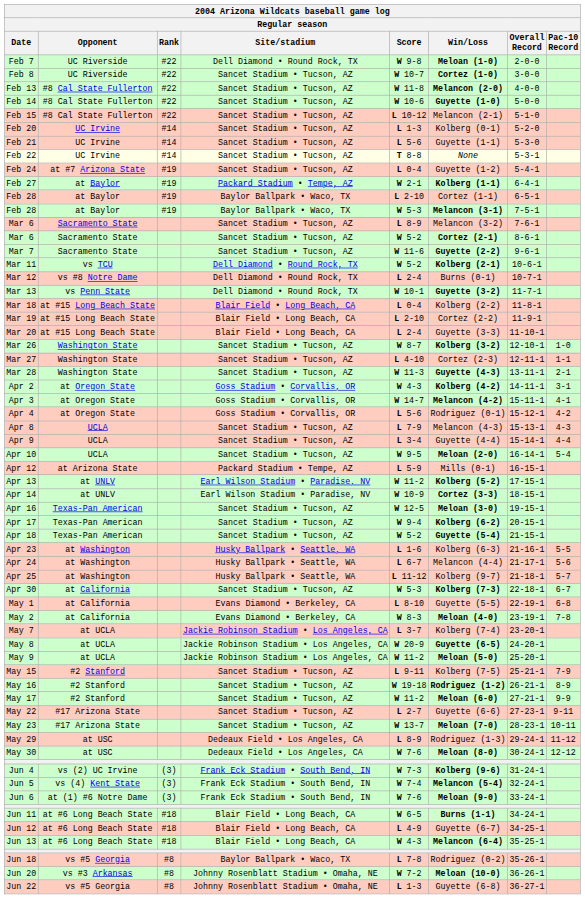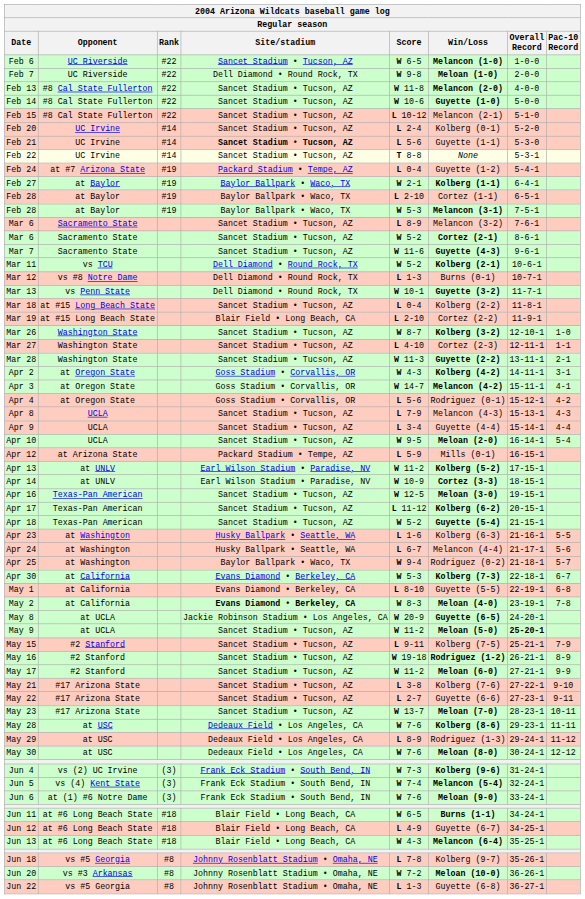 <table class="wikitable">
 <tr>
 <th colspan="8">2004 Arizona Wildcats baseball game log</th>
 </tr>
 <tr>
 <th colspan="8">Regular season</th>
 </tr>
 <tr>
 <th>Date</th>
 <th>Opponent</th>
 <th>Rank</th>
 <th>Site/stadium</th>
 <th>Score</th>
 <th>Win/Loss</th>
 <th>Overall<br>Record</th>
 <th>Pac-10<br>Record</th>
 </tr>
 <tr bgcolor="ccffcc" align="center">
+<td>Feb 6</td>
+<td><a href='#'>UC Riverside</a></td>
+<td>#22</td>
+<td><a href='#'>Sancet Stadium</a> • <a href='#'>Tucson, AZ</a></td>
+<td><strong>W</strong> 6-5</td>
+<td><strong>Melancon (1-0)</strong></td>
+<td>1-0-0</td>
+<td></td>
+</tr>
+<tr bgcolor="ccffcc" align="center">
 <td>Feb 7</td>
 <td>UC Riverside</td>
 <td>#22</td>
 <td>Dell Diamond • Round Rock, TX</td>
 <td><strong>W</strong> 9-8</td>
 <td><strong>Meloan (1-0)</strong></td>
 <td>2-0-0</td>
-<td></td>
-</tr>
-<tr bgcolor="ccffcc" align="center">
-<td>Feb 8</td>
-<td>UC Riverside</td>
-<td>#22</td>
-<td>Sancet Stadium • Tucson, AZ</td>
-<td><strong>W</strong> 10-7</td>
-<td><strong>Cortez (1-0)</strong></td>
-<td>3-0-0</td>
 <td></td>
 </tr>
 <tr bgcolor="ccffcc" align="center">
 <td>Feb 13</td>
 <td>#8 <a href='#'>Cal State Fullerton</a></td>
 <td>#22</td>
 <td>Sancet Stadium • Tucson, AZ</td>
 <td><strong>W</strong> 11-8</td>
 <td><strong>Melancon (2-0)</strong></td>
 <td>4-0-0</td>
 <td></td>
 </tr>
 <tr bgcolor="ccffcc" align="center">
 <td>Feb 14</td>
 <td>#8 Cal State Fullerton</td>
 <td>#22</td>
 <td>Sancet Stadium • Tucson, AZ</td>
 <td><strong>W</strong> 10-6</td>
 <td><strong>Guyette (1-0)</strong></td>
 <td>5-0-0</td>
 <td></td>
 </tr>
 <tr bgcolor="ffccc" align="center">
 <td>Feb 15</td>
 <td>#8 Cal State Fullerton</td>
 <td>#22</td>
 <td>Sancet Stadium • Tucson, AZ</td>
 <td><strong>L</strong> 10-12</td>
 <td>Melancon (2-1)</td>
 <td>5-1-0</td>
 <td></td>
 </tr>
 <tr bgcolor="ffccc" align="center">
 <td>Feb 20</td>
 <td><a href='#'>UC Irvine</a></td>
 <td>#14</td>
 <td>Sancet Stadium • Tucson, AZ</td>
-<td><strong>L</strong> 1-3</td>
+<td><strong>L</strong> 2-4</td>
 <td>Kolberg (0-1)</td>
 <td>5-2-0</td>
 <td></td>
 </tr>
 <tr bgcolor="ffccc" align="center">
 <td>Feb 21</td>
 <td>UC Irvine</td>
 <td>#14</td>
-<td>Sancet Stadium • Tucson, AZ</td>
+<td><strong>Sancet Stadium • Tucson, AZ</strong></td>
 <td><strong>L</strong> 5-6</td>
 <td>Guyette (1-1)</td>
 <td>5-3-0</td>
 <td></td>
 </tr>
 <tr bgcolor="ffffe6" align="center">
 <td>Feb 22</td>
 <td>UC Irvine</td>
 <td>#14</td>
 <td>Sancet Stadium • Tucson, AZ</td>
 <td><strong>T</strong> 8-8</td>
 <td><em>None</em></td>
 <td>5-3-1</td>
 <td></td>
 </tr>
 <tr bgcolor="ffccc" align="center">
 <td>Feb 24</td>
 <td>at #7 <a href='#'>Arizona State</a></td>
 <td>#19</td>
-<td>Sancet Stadium • Tucson, AZ</td>
+<td><a href='#'>Packard Stadium</a> • <a href='#'>Tempe, AZ</a></td>
 <td><strong>L</strong> 0-4</td>
 <td>Guyette (1-2)</td>
 <td>5-4-1</td>
 <td></td>
 </tr>
 <tr bgcolor="ccffcc" align="center">
 <td>Feb 27</td>
 <td>at <a href='#'>Baylor</a></td>
 <td>#19</td>
-<td><a href='#'>Packard Stadium</a> • <a href='#'>Tempe, AZ</a></td>
+<td><a href='#'>Baylor Ballpark</a> • <a href='#'>Waco, TX</a></td>
 <td><strong>W</strong> 2-1</td>
 <td><strong>Kolberg (1-1)</strong></td>
 <td>6-4-1</td>
 <td></td>
 </tr>
 <tr bgcolor="ffccc" align="center">
 <td>Feb 28</td>
 <td>at Baylor</td>
 <td>#19</td>
 <td>Baylor Ballpark • Waco, TX</td>
 <td><strong>L</strong> 2-10</td>
 <td>Cortez (1-1)</td>
 <td>6-5-1</td>
 <td></td>
 </tr>
 <tr bgcolor="ccffcc" align="center">
 <td>Feb 28</td>
 <td>at Baylor</td>
 <td>#19</td>
 <td>Baylor Ballpark • Waco, TX</td>
 <td><strong>W</strong> 5-3</td>
 <td><strong>Melancon (3-1)</strong></td>
 <td>7-5-1</td>
 <td></td>
 </tr>
 <tr bgcolor="ffccc" align="center">
 <td>Mar 6</td>
 <td><a href='#'>Sacramento State</a></td>
 <td></td>
 <td>Sancet Stadium • Tucson, AZ</td>
 <td><strong>L</strong> 8-9</td>
 <td>Melancon (3-2)</td>
 <td>7-6-1</td>
 <td></td>
 </tr>
 <tr bgcolor="ccffcc" align="center">
 <td>Mar 6</td>
 <td>Sacramento State</td>
 <td></td>
 <td>Sancet Stadium • Tucson, AZ</td>
 <td><strong>W</strong> 5-2</td>
 <td><strong>Cortez (2-1)</strong></td>
 <td>8-6-1</td>
 <td></td>
 </tr>
 <tr bgcolor="ccffcc" align="center">
 <td>Mar 7</td>
 <td>Sacramento State</td>
 <td></td>
 <td>Sancet Stadium • Tucson, AZ</td>
 <td><strong>W</strong> 11-6</td>
-<td><strong>Guyette (2-2)</strong></td>
+<td><strong>Guyette (4-3)</strong></td>
 <td>9-6-1</td>
 <td></td>
 </tr>
 <tr bgcolor="ccffcc" align="center">
 <td>Mar 11</td>
 <td>vs <a href='#'>TCU</a></td>
 <td></td>
 <td><a href='#'>Dell Diamond</a> • <a href='#'>Round Rock, TX</a></td>
 <td><strong>W</strong> 5-2</td>
 <td><strong>Kolberg (2-1)</strong></td>
 <td>10-6-1</td>
 <td></td>
 </tr>
 <tr bgcolor="ffccc" align="center">
 <td>Mar 12</td>
 <td>vs #8 <a href='#'>Notre Dame</a></td>
 <td></td>
 <td>Dell Diamond • Round Rock, TX</td>
-<td><strong>L</strong> 2-4</td>
+<td><strong>L</strong> 1-3</td>
 <td>Burns (0-1)</td>
 <td>10-7-1</td>
 <td></td>
 </tr>
 <tr bgcolor="ccffcc" align="center">
 <td>Mar 13</td>
 <td>vs <a href='#'>Penn State</a></td>
 <td></td>
 <td>Dell Diamond • Round Rock, TX</td>
 <td><strong>W</strong> 10-1</td>
 <td><strong>Guyette (3-2)</strong></td>
 <td>11-7-1</td>
 <td></td>
 </tr>
 <tr bgcolor="ffccc" align="center">
 <td>Mar 18</td>
 <td>at #15 <a href='#'>Long Beach State</a></td>
 <td></td>
-<td><a href='#'>Blair Field</a> • <a href='#'>Long Beach, CA</a></td>
+<td>Sancet Stadium • Tucson, AZ</td>
 <td><strong>L</strong> 0-4</td>
 <td>Kolberg (2-2)</td>
 <td>11-8-1</td>
 <td></td>
 </tr>
 <tr bgcolor="ffccc" align="center">
 <td>Mar 19</td>
 <td>at #15 Long Beach State</td>
 <td></td>
 <td>Blair Field • Long Beach, CA</td>
 <td><strong>L</strong> 2-10</td>
 <td>Cortez (2-2)</td>
 <td>11-9-1</td>
-<td></td>
-</tr>
-<tr bgcolor="ffccc" align="center">
-<td>Mar 20</td>
-<td>at #15 Long Beach State</td>
-<td></td>
-<td>Blair Field • Long Beach, CA</td>
-<td><strong>L</strong> 2-4</td>
-<td>Guyette (3-3)</td>
-<td>11-10-1</td>
 <td></td>
 </tr>
 <tr bgcolor="ccffcc" align="center">
 <td>Mar 26</td>
 <td><a href='#'>Washington State</a></td>
 <td></td>
 <td>Sancet Stadium • Tucson, AZ</td>
 <td><strong>W</strong> 8-7</td>
 <td><strong>Kolberg (3-2)</strong></td>
 <td>12-10-1</td>
 <td>1-0</td>
 </tr>
 <tr bgcolor="ffccc" align="center">
 <td>Mar 27</td>
 <td>Washington State</td>
 <td></td>
 <td>Sancet Stadium • Tucson, AZ</td>
 <td><strong>L</strong> 4-10</td>
 <td>Cortez (2-3)</td>
 <td>12-11-1</td>
 <td>1-1</td>
 </tr>
 <tr bgcolor="ccffcc" align="center">
 <td>Mar 28</td>
 <td>Washington State</td>
 <td></td>
 <td>Sancet Stadium • Tucson, AZ</td>
 <td><strong>W</strong> 11-3</td>
-<td><strong>Guyette (4-3)</strong></td>
+<td><strong>Guyette (2-2)</strong></td>
 <td>13-11-1</td>
 <td>2-1</td>
 </tr>
 <tr bgcolor="ccffcc" align="center">
 <td>Apr 2</td>
 <td>at <a href='#'>Oregon State</a></td>
 <td></td>
 <td><a href='#'>Goss Stadium</a> • <a href='#'>Corvallis, OR</a></td>
 <td><strong>W</strong> 4-3</td>
 <td><strong>Kolberg (4-2)</strong></td>
 <td>14-11-1</td>
 <td>3-1</td>
 </tr>
 <tr bgcolor="ccffcc" align="center">
 <td>Apr 3</td>
 <td>at Oregon State</td>
 <td></td>
 <td>Goss Stadium • Corvallis, OR</td>
 <td><strong>W</strong> 14-7</td>
 <td><strong>Melancon (4-2)</strong></td>
 <td>15-11-1</td>
 <td>4-1</td>
 </tr>
 <tr bgcolor="ffccc" align="center">
 <td>Apr 4</td>
 <td>at Oregon State</td>
 <td></td>
 <td>Goss Stadium • Corvallis, OR</td>
 <td><strong>L</strong> 5-6</td>
 <td>Rodriguez (0-1)</td>
 <td>15-12-1</td>
 <td>4-2</td>
 </tr>
 <tr bgcolor="ffccc" align="center">
 <td>Apr 8</td>
 <td><a href='#'>UCLA</a></td>
 <td></td>
 <td>Sancet Stadium • Tucson, AZ</td>
 <td><strong>L</strong> 7-9</td>
 <td>Melancon (4-3)</td>
 <td>15-13-1</td>
 <td>4-3</td>
 </tr>
 <tr bgcolor="ffccc" align="center">
 <td>Apr 9</td>
 <td>UCLA</td>
 <td></td>
 <td>Sancet Stadium • Tucson, AZ</td>
 <td><strong>L</strong> 3-4</td>
 <td>Guyette (4-4)</td>
 <td>15-14-1</td>
 <td>4-4</td>
 </tr>
 <tr bgcolor="ccffcc" align="center">
 <td>Apr 10</td>
 <td>UCLA</td>
 <td></td>
 <td>Sancet Stadium • Tucson, AZ</td>
 <td><strong>W</strong> 9-5</td>
 <td><strong>Meloan (2-0)</strong></td>
 <td>16-14-1</td>
 <td>5-4</td>
 </tr>
 <tr bgcolor="ffccc" align="center">
 <td>Apr 12</td>
 <td>at Arizona State</td>
 <td></td>
 <td>Packard Stadium • Tempe, AZ</td>
 <td><strong>L</strong> 5-9</td>
 <td>Mills (0-1)</td>
 <td>16-15-1</td>
 <td></td>
 </tr>
 <tr bgcolor="ccffcc" align="center">
 <td>Apr 13</td>
 <td>at <a href='#'>UNLV</a></td>
 <td></td>
 <td><a href='#'>Earl Wilson Stadium</a> • <a href='#'>Paradise, NV</a></td>
 <td><strong>W</strong> 11-2</td>
 <td><strong>Kolberg (5-2)</strong></td>
 <td>17-15-1</td>
 <td></td>
 </tr>
 <tr bgcolor="ccffcc" align="center">
 <td>Apr 14</td>
 <td>at UNLV</td>
 <td></td>
 <td>Earl Wilson Stadium • Paradise, NV</td>
 <td><strong>W</strong> 10-9</td>
 <td><strong>Cortez (3-3)</strong></td>
 <td>18-15-1</td>
 <td></td>
 </tr>
 <tr bgcolor="ccffcc" align="center">
 <td>Apr 16</td>
 <td><a href='#'>Texas-Pan American</a></td>
 <td></td>
 <td>Sancet Stadium • Tucson, AZ</td>
 <td><strong>W</strong> 12-5</td>
 <td><strong>Meloan (3-0)</strong></td>
 <td>19-15-1</td>
 <td></td>
 </tr>
 <tr bgcolor="ccffcc" align="center">
 <td>Apr 17</td>
 <td>Texas-Pan American</td>
 <td></td>
 <td>Sancet Stadium • Tucson, AZ</td>
-<td><strong>W</strong> 9-4</td>
+<td><strong>L</strong> 11-12</td>
 <td><strong>Kolberg (6-2)</strong></td>
 <td>20-15-1</td>
 <td></td>
 </tr>
 <tr bgcolor="ccffcc" align="center">
 <td>Apr 18</td>
 <td>Texas-Pan American</td>
 <td></td>
 <td>Sancet Stadium • Tucson, AZ</td>
 <td><strong>W</strong> 5-2</td>
 <td><strong>Guyette (5-4)</strong></td>
 <td>21-15-1</td>
 <td></td>
 </tr>
 <tr bgcolor="ffccc" align="center">
 <td>Apr 23</td>
 <td>at <a href='#'>Washington</a></td>
 <td></td>
 <td><a href='#'>Husky Ballpark</a> • <a href='#'>Seattle, WA</a></td>
 <td><strong>L</strong> 1-6</td>
 <td>Kolberg (6-3)</td>
 <td>21-16-1</td>
 <td>5-5</td>
 </tr>
 <tr bgcolor="ffccc" align="center">
 <td>Apr 24</td>
 <td>at Washington</td>
 <td></td>
 <td>Husky Ballpark • Seattle, WA</td>
 <td><strong>L</strong> 6-7</td>
 <td>Melancon (4-4)</td>
 <td>21-17-1</td>
 <td>5-6</td>
 </tr>
 <tr bgcolor="ffccc" align="center">
 <td>Apr 25</td>
 <td>at Washington</td>
 <td></td>
-<td>Husky Ballpark • Seattle, WA</td>
-<td><strong>L</strong> 11-12</td>
-<td>Kolberg (9-7)</td>
+<td>Baylor Ballpark • Waco, TX</td>
+<td><strong>W</strong> 9-4</td>
+<td>Rodriguez (0-2)</td>
 <td>21-18-1</td>
 <td>5-7</td>
 </tr>
 <tr bgcolor="ccffcc" align="center">
 <td>Apr 30</td>
 <td>at <a href='#'>California</a></td>
 <td></td>
-<td>Sancet Stadium • Tucson, AZ</td>
+<td><a href='#'>Evans Diamond</a> • <a href='#'>Berkeley, CA</a></td>
 <td><strong>W</strong> 5-3</td>
 <td><strong>Kolberg (7-3)</strong></td>
 <td>22-18-1</td>
 <td>6-7</td>
 </tr>
 <tr bgcolor="ffccc" align="center">
 <td>May 1</td>
 <td>at California</td>
 <td></td>
 <td>Evans Diamond • Berkeley, CA</td>
 <td><strong>L</strong> 8-10</td>
 <td>Guyette (5-5)</td>
 <td>22-19-1</td>
 <td>6-8</td>
 </tr>
 <tr bgcolor="ccffcc" align="center">
 <td>May 2</td>
 <td>at California</td>
 <td></td>
-<td>Evans Diamond • Berkeley, CA</td>
+<td><strong>Evans Diamond • Berkeley, CA</strong></td>
 <td><strong>W</strong> 8-3</td>
 <td><strong>Meloan (4-0)</strong></td>
 <td>23-19-1</td>
 <td>7-8</td>
-</tr>
-<tr bgcolor="ffccc" align="center">
-<td>May 7</td>
-<td>at UCLA</td>
-<td></td>
-<td><a href='#'>Jackie Robinson Stadium</a> • <a href='#'>Los Angeles, CA</a></td>
-<td><strong>L</strong> 3-7</td>
-<td>Kolberg (7-4)</td>
-<td>23-20-1</td>
-<td></td>
 </tr>
 <tr bgcolor="ccffcc" align="center">
 <td>May 8</td>
 <td>at UCLA</td>
 <td></td>
 <td>Jackie Robinson Stadium • Los Angeles, CA</td>
 <td><strong>W</strong> 20-9</td>
 <td><strong>Guyette (6-5)</strong></td>
 <td>24-20-1</td>
 <td></td>
 </tr>
 <tr bgcolor="ccffcc" align="center">
 <td>May 9</td>
 <td>at UCLA</td>
 <td></td>
-<td>Jackie Robinson Stadium • Los Angeles, CA</td>
+<td>Sancet Stadium • Tucson, AZ</td>
 <td><strong>W</strong> 11-2</td>
 <td><strong>Meloan (5-0)</strong></td>
-<td>25-20-1</td>
+<td><strong>25-20-1</strong></td>
 <td></td>
 </tr>
 <tr bgcolor="ffccc" align="center">
 <td>May 15</td>
 <td>#2 <a href='#'>Stanford</a></td>
 <td></td>
 <td>Sancet Stadium • Tucson, AZ</td>
 <td><strong>L</strong> 9-11</td>
 <td>Kolberg (7-5)</td>
 <td>25-21-1</td>
 <td>7-9</td>
 </tr>
 <tr bgcolor="ccffcc" align="center">
 <td>May 16</td>
 <td>#2 Stanford</td>
 <td></td>
 <td>Sancet Stadium • Tucson, AZ</td>
 <td><strong>W</strong> 19-18</td>
 <td><strong>Rodriguez (1-2)</strong></td>
 <td>26-21-1</td>
 <td>8-9</td>
 </tr>
 <tr bgcolor="ccffcc" align="center">
 <td>May 17</td>
 <td>#2 Stanford</td>
 <td></td>
 <td>Sancet Stadium • Tucson, AZ</td>
 <td><strong>W</strong> 11-2</td>
 <td><strong>Meloan (6-0)</strong></td>
 <td>27-21-1</td>
 <td>9-9</td>
 </tr>
 <tr bgcolor="ffccc" align="center">
+<td>May 21</td>
+<td>#17 Arizona State</td>
+<td></td>
+<td>Sancet Stadium • Tucson, AZ</td>
+<td><strong>L</strong> 3-8</td>
+<td>Kolberg (7-6)</td>
+<td>27-22-1</td>
+<td>9-10</td>
+</tr>
+<tr bgcolor="ffccc" align="center">
 <td>May 22</td>
 <td>#17 Arizona State</td>
 <td></td>
 <td>Sancet Stadium • Tucson, AZ</td>
 <td><strong>L</strong> 2-7</td>
 <td>Guyette (6-6)</td>
 <td>27-23-1</td>
 <td>9-11</td>
 </tr>
 <tr bgcolor="ccffcc" align="center">
 <td>May 23</td>
 <td>#17 Arizona State</td>
 <td></td>
 <td>Sancet Stadium • Tucson, AZ</td>
 <td><strong>W</strong> 13-7</td>
 <td><strong>Meloan (7-0)</strong></td>
 <td>28-23-1</td>
 <td>10-11</td>
+</tr>
+<tr bgcolor="ccffcc" align="center">
+<td>May 28</td>
+<td>at <a href='#'>USC</a></td>
+<td></td>
+<td><a href='#'>Dedeaux Field</a> • Los Angeles, CA</td>
+<td><strong>W</strong> 7-6</td>
+<td><strong>Kolberg (8-6)</strong></td>
+<td>29-23-1</td>
+<td>11-11</td>
 </tr>
 <tr bgcolor="ffccc" align="center">
 <td>May 29</td>
 <td>at USC</td>
 <td></td>
 <td>Dedeaux Field • Los Angeles, CA</td>
 <td><strong>L</strong> 8-9</td>
 <td>Rodriguez (1-3)</td>
 <td>29-24-1</td>
 <td>11-12</td>
 </tr>
 <tr bgcolor="ccffcc" align="center">
 <td>May 30</td>
 <td>at USC</td>
 <td></td>
 <td>Dedeaux Field • Los Angeles, CA</td>
 <td><strong>W</strong> 7-6</td>
 <td><strong>Meloan (8-0)</strong></td>
 <td>30-24-1</td>
 <td>12-12</td>
 </tr>
 <tr>
 <th colspan="8"><a href='#'></a></th>
 </tr>
 <tr bgcolor="ccffcc" align="center">
 <td>Jun 4</td>
 <td>vs (2) UC Irvine</td>
 <td>(3)</td>
 <td><a href='#'>Frank Eck Stadium</a> • <a href='#'>South Bend, IN</a></td>
 <td><strong>W</strong> 7-3</td>
 <td><strong>Kolberg (9-6)</strong></td>
 <td>31-24-1</td>
 <td></td>
 </tr>
 <tr bgcolor="ccffcc" align="center">
 <td>Jun 5</td>
 <td>vs (4) <a href='#'>Kent State</a></td>
 <td>(3)</td>
 <td>Frank Eck Stadium • South Bend, IN</td>
 <td><strong>W</strong> 7-4</td>
 <td><strong>Melancon (5-4)</strong></td>
 <td>32-24-1</td>
 <td></td>
 </tr>
 <tr bgcolor="ccffcc" align="center">
 <td>Jun 6</td>
 <td>at (1) #6 Notre Dame</td>
 <td>(3)</td>
 <td>Frank Eck Stadium • South Bend, IN</td>
 <td><strong>W</strong> 7-6</td>
 <td><strong>Meloan (9-0)</strong></td>
 <td>33-24-1</td>
 <td></td>
 </tr>
 <tr>
 <th colspan="8"><a href='#'></a></th>
 </tr>
 <tr bgcolor="ccffcc" align="center">
 <td>Jun 11</td>
 <td>at #6 Long Beach State</td>
 <td>#18</td>
 <td>Blair Field • Long Beach, CA</td>
 <td><strong>W</strong> 6-5</td>
 <td><strong>Burns (1-1)</strong></td>
 <td>34-24-1</td>
 <td></td>
 </tr>
 <tr bgcolor="ffccc" align="center">
 <td>Jun 12</td>
 <td>at #6 Long Beach State</td>
 <td>#18</td>
 <td>Blair Field • Long Beach, CA</td>
 <td><strong>L</strong> 4-9</td>
 <td>Guyette (6-7)</td>
 <td>34-25-1</td>
 <td></td>
 </tr>
 <tr bgcolor="ccffcc" align="center">
 <td>Jun 13</td>
 <td>at #6 Long Beach State</td>
 <td>#18</td>
 <td>Blair Field • Long Beach, CA</td>
 <td><strong>W</strong> 4-3</td>
 <td><strong>Melancon (6-4)</strong></td>
 <td>35-25-1</td>
 <td></td>
 </tr>
 <tr>
 <th colspan="8"><a href='#'></a></th>
 </tr>
 <tr bgcolor="ffccc" align="center">
 <td>Jun 18</td>
 <td>vs #5 <a href='#'>Georgia</a></td>
 <td>#8</td>
-<td>Baylor Ballpark • Waco, TX</td>
+<td><a href='#'>Johnny Rosenblatt Stadium</a> • <a href='#'>Omaha, NE</a></td>
 <td><strong>L</strong> 7-8</td>
-<td>Rodriguez (0-2)</td>
+<td>Kolberg (9-7)</td>
 <td>35-26-1</td>
 <td></td>
 </tr>
 <tr bgcolor="ccffcc" align="center">
 <td>Jun 20</td>
 <td>vs #3 <a href='#'>Arkansas</a></td>
 <td>#8</td>
 <td>Johnny Rosenblatt Stadium • Omaha, NE</td>
 <td><strong>W</strong> 7-2</td>
 <td><strong>Meloan (10-0)</strong></td>
 <td>36-26-1</td>
 <td></td>
 </tr>
 <tr bgcolor="ffccc" align="center">
 <td>Jun 22</td>
 <td>vs #5 Georgia</td>
 <td>#8</td>
 <td>Johnny Rosenblatt Stadium • Omaha, NE</td>
 <td><strong>L</strong> 1-3</td>
 <td>Guyette (6-8)</td>
 <td>36-27-1</td>
 <td></td>
 </tr>
 </table>
